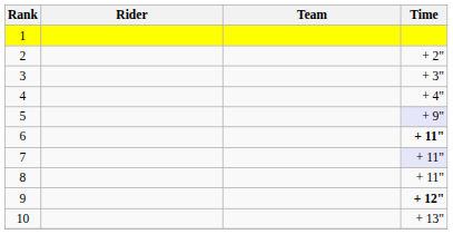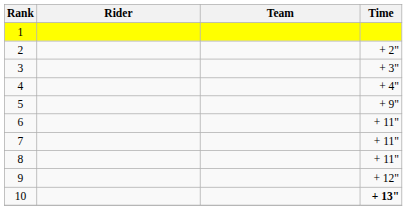 <table class="wikitable">
 <tr>
 <th width="8">Rank</th>
 <th width="220">Rider</th>
 <th width="215">Team</th>
 <th width="50">Time</th>
 </tr>
 <tr bgcolor=Yellow>
 <td style="text-align:center;">1</td>
 <td>  </td>
 <td></td>
 <td align="right"></td>
 </tr>
 <tr>
 <td style="text-align:center;">2</td>
 <td></td>
 <td></td>
 <td align="right">+ 2"</td>
 </tr>
 <tr>
 <td style="text-align:center;">3</td>
 <td></td>
 <td></td>
 <td align="right">+ 3"</td>
 </tr>
 <tr>
 <td style="text-align:center;">4</td>
 <td></td>
 <td></td>
 <td align="right">+ 4"</td>
 </tr>
 <tr>
 <td style="text-align:center;">5</td>
 <td></td>
 <td></td>
-<td align="right" style="background: lavender;">+ 9"</td>
+<td align="right">+ 9"</td>
 </tr>
 <tr>
 <td style="text-align:center;">6</td>
 <td></td>
 <td></td>
-<td align="right"><strong>+ 11"</strong></td>
+<td align="right">+ 11"</td>
 </tr>
 <tr>
 <td style="text-align:center;">7</td>
 <td></td>
 <td></td>
-<td align="right" style="background: lavender;">+ 11"</td>
+<td align="right">+ 11"</td>
 </tr>
 <tr>
 <td style="text-align:center;">8</td>
 <td></td>
 <td></td>
 <td align="right">+ 11"</td>
 </tr>
 <tr>
 <td style="text-align:center;">9</td>
 <td></td>
 <td></td>
-<td align="right"><strong>+ 12"</strong></td>
+<td align="right">+ 12"</td>
 </tr>
 <tr>
 <td style="text-align:center;">10</td>
 <td></td>
 <td></td>
-<td align="right">+ 13"</td>
+<td align="right"><strong>+ 13"</strong></td>
 </tr>
 <tr>
 </tr>
 </table>
